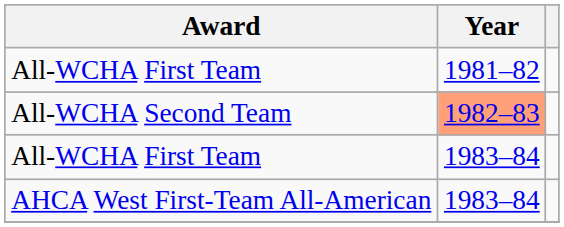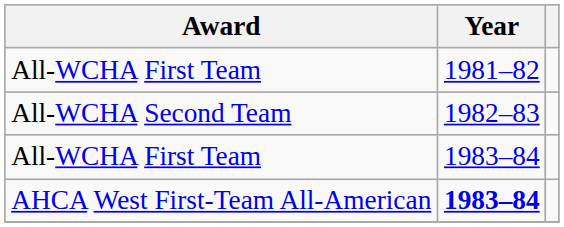 <table class="wikitable">
 <tr>
 <th>Award</th>
 <th>Year</th>
 <th></th>
 </tr>
 <tr>
 <td>All-<a href='#'>WCHA</a> <a href='#'>First Team</a></td>
 <td><a href='#'>1981–82</a></td>
 <td></td>
 </tr>
 <tr>
 <td>All-<a href='#'>WCHA</a> <a href='#'>Second Team</a></td>
-<td style="background: lightsalmon;"><a href='#'>1982–83</a></td>
+<td><a href='#'>1982–83</a></td>
 <td></td>
 </tr>
 <tr>
 <td>All-<a href='#'>WCHA</a> <a href='#'>First Team</a></td>
 <td><a href='#'>1983–84</a></td>
 <td></td>
 </tr>
 <tr>
 <td><a href='#'>AHCA</a> <a href='#'>West First-Team All-American</a></td>
-<td><a href='#'>1983–84</a></td>
+<td><strong><a href='#'>1983–84</a></strong></td>
 <td></td>
 </tr>
 <tr>
 </tr>
 </table>
